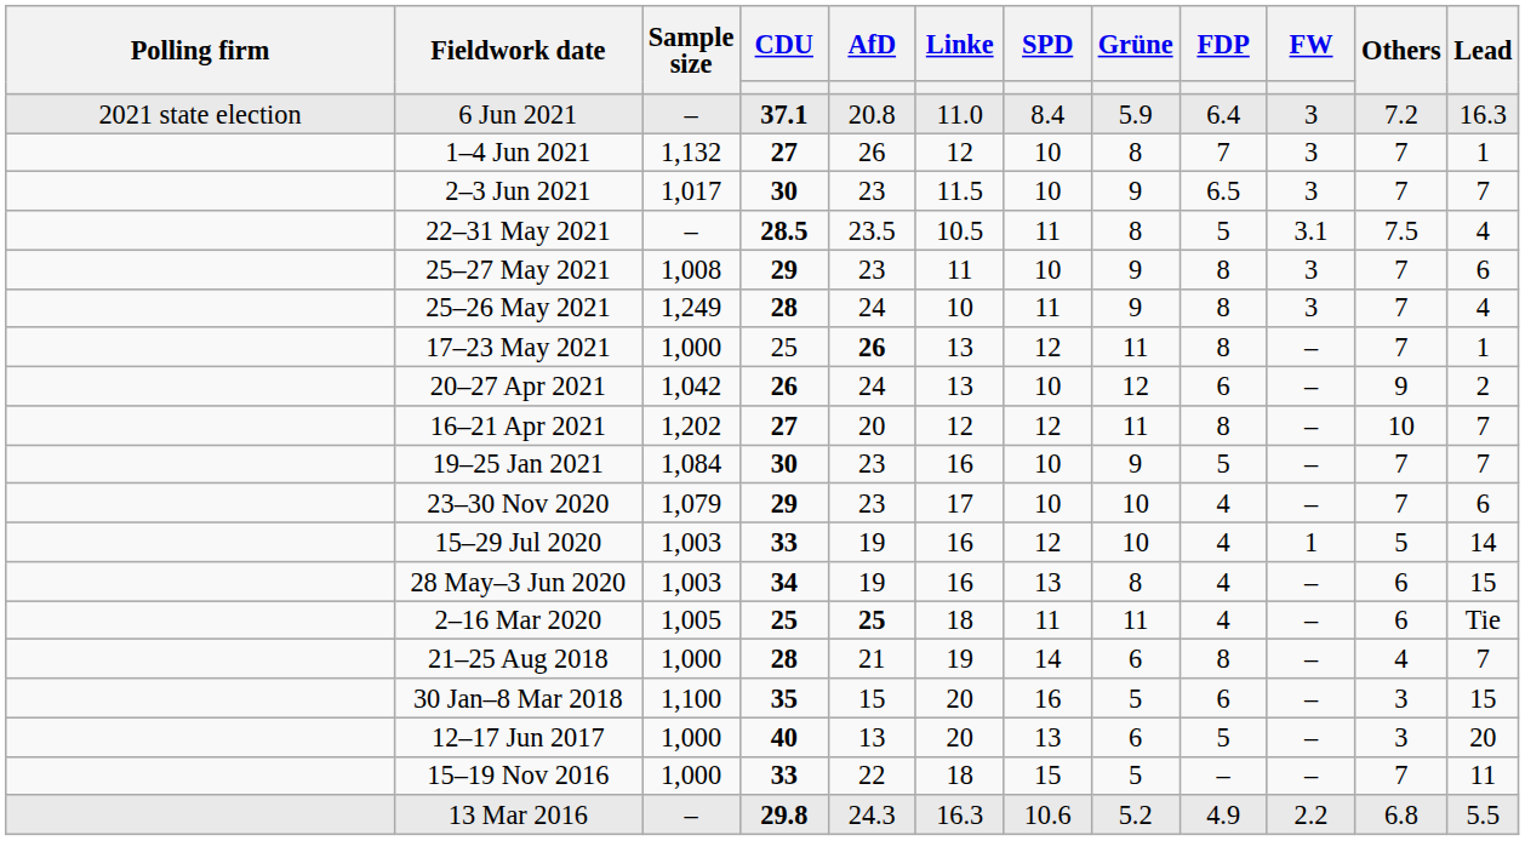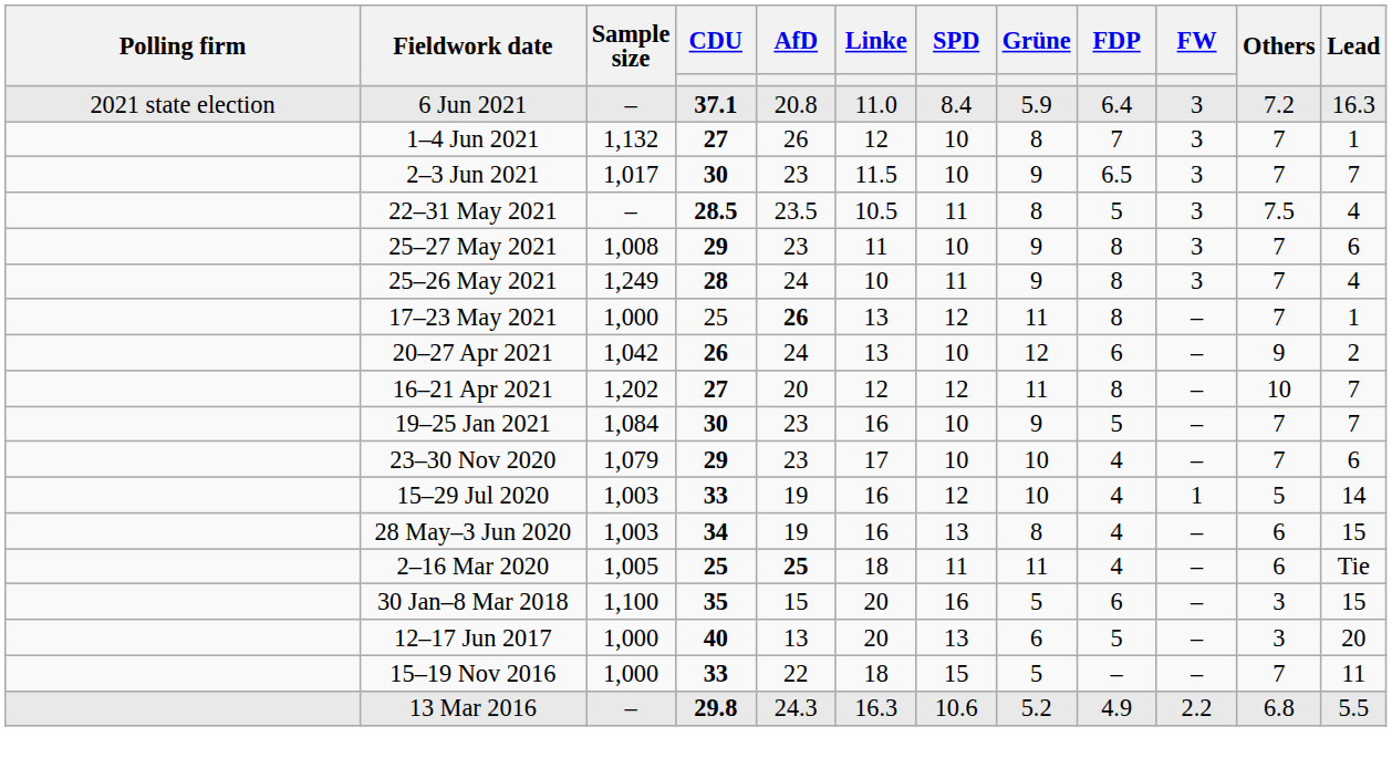 <table class="wikitable sortable" style="text-align:center;font-size:90%;line-height:14px;">
 <tr style="height:40px;">
 <th style="width:200px;" rowspan="2">Polling firm</th>
 <th style="width:125px;" rowspan="2">Fieldwork date</th>
 <th style="width:35px;" rowspan="2">Sample<br>size</th>
 <th class="unsortable" style="width:40px;"><a href='#'>CDU</a></th>
 <th class="unsortable" style="width:40px;"><a href='#'>AfD</a></th>
 <th class="unsortable" style="width:40px;"><a href='#'>Linke</a></th>
 <th class="unsortable" style="width:40px;"><a href='#'>SPD</a></th>
 <th class="unsortable" style="width:40px;"><a href='#'>Grüne</a></th>
 <th class="unsortable" style="width:40px;"><a href='#'>FDP</a></th>
 <th class="unsortable" style="width:40px;"><a href='#'>FW</a></th>
 <th class="unsortable" style="width:40px;" rowspan="2">Others</th>
 <th style="width:30px;" rowspan="2">Lead</th>
 </tr>
 <tr>
 <th style="background:"></th>
 <th style="background:"></th>
 <th style="background:"></th>
 <th style="background:"></th>
 <th style="background:"></th>
 <th style="background:"></th>
 <th style="background:"></th>
 </tr>
 <tr style="background:#E9E9E9;">
 <td>2021 state election</td>
 <td data-sort-value="2021-06-06">6 Jun 2021</td>
 <td>–</td>
 <td><strong>37.1</strong></td>
 <td>20.8</td>
 <td>11.0</td>
 <td>8.4</td>
 <td>5.9</td>
 <td>6.4</td>
 <td>3</td>
 <td>7.2</td>
 <td style="background:">16.3</td>
 </tr>
 <tr>
 <td></td>
 <td data-sort-value="2021-06-04">1–4 Jun 2021</td>
 <td>1,132</td>
 <td><strong>27</strong></td>
 <td>26</td>
 <td>12</td>
 <td>10</td>
 <td>8</td>
 <td>7</td>
 <td>3</td>
 <td>7</td>
 <td style="background:">1</td>
 </tr>
 <tr>
 <td></td>
 <td data-sort-value="2021-06-03">2–3 Jun 2021</td>
 <td>1,017</td>
 <td><strong>30</strong></td>
 <td>23</td>
 <td>11.5</td>
 <td>10</td>
 <td>9</td>
 <td>6.5</td>
 <td>3</td>
 <td>7</td>
 <td style="background:">7</td>
 </tr>
 <tr>
 <td></td>
 <td data-sort-value="2021-05-31">22–31 May 2021</td>
 <td>–</td>
 <td><strong>28.5</strong></td>
 <td>23.5</td>
 <td>10.5</td>
 <td>11</td>
 <td>8</td>
 <td>5</td>
-<td>3.1</td>
+<td>3</td>
 <td>7.5</td>
 <td style="background:">4</td>
 </tr>
 <tr>
 <td></td>
 <td data-sort-value="2021-05-28">25–27 May 2021</td>
 <td>1,008</td>
 <td><strong>29</strong></td>
 <td>23</td>
 <td>11</td>
 <td>10</td>
 <td>9</td>
 <td>8</td>
 <td>3</td>
 <td>7</td>
 <td style="background:">6</td>
 </tr>
 <tr>
 <td></td>
 <td data-sort-value="2021-05-27">25–26 May 2021</td>
 <td>1,249</td>
 <td><strong>28</strong></td>
 <td>24</td>
 <td>10</td>
 <td>11</td>
 <td>9</td>
 <td>8</td>
 <td>3</td>
 <td>7</td>
 <td style="background:">4</td>
 </tr>
 <tr>
 <td></td>
 <td data-sort-value="2021-05-26">17–23 May 2021</td>
 <td>1,000</td>
 <td>25</td>
 <td><strong>26</strong></td>
 <td>13</td>
 <td>12</td>
 <td>11</td>
 <td>8</td>
 <td>–</td>
 <td>7</td>
 <td style="background:">1</td>
 </tr>
 <tr>
 <td></td>
 <td data-sort-value="2021-04-29">20–27 Apr 2021</td>
 <td>1,042</td>
 <td><strong>26</strong></td>
 <td>24</td>
 <td>13</td>
 <td>10</td>
 <td>12</td>
 <td>6</td>
 <td>–</td>
 <td>9</td>
 <td style="background:">2</td>
 </tr>
 <tr>
 <td></td>
 <td data-sort-value="2021-04-23">16–21 Apr 2021</td>
 <td>1,202</td>
 <td><strong>27</strong></td>
 <td>20</td>
 <td>12</td>
 <td>12</td>
 <td>11</td>
 <td>8</td>
 <td>–</td>
 <td>10</td>
 <td style="background:">7</td>
 </tr>
 <tr>
 <td></td>
 <td data-sort-value="2021-01-27">19–25 Jan 2021</td>
 <td>1,084</td>
 <td><strong>30</strong></td>
 <td>23</td>
 <td>16</td>
 <td>10</td>
 <td>9</td>
 <td>5</td>
 <td>–</td>
 <td>7</td>
 <td style="background:">7</td>
 </tr>
 <tr>
 <td></td>
 <td data-sort-value="2020-12-02">23–30 Nov 2020</td>
 <td>1,079</td>
 <td><strong>29</strong></td>
 <td>23</td>
 <td>17</td>
 <td>10</td>
 <td>10</td>
 <td>4</td>
 <td>–</td>
 <td>7</td>
 <td style="background:">6</td>
 </tr>
 <tr>
 <td></td>
 <td data-sort-value="2020-07-29">15–29 Jul 2020</td>
 <td>1,003</td>
 <td><strong>33</strong></td>
 <td>19</td>
 <td>16</td>
 <td>12</td>
 <td>10</td>
 <td>4</td>
 <td>1</td>
 <td>5</td>
 <td style="background:">14</td>
 </tr>
 <tr>
 <td></td>
 <td data-sort-value="2020-06-05">28 May–3 Jun 2020</td>
 <td>1,003</td>
 <td><strong>34</strong></td>
 <td>19</td>
 <td>16</td>
 <td>13</td>
 <td>8</td>
 <td>4</td>
 <td>–</td>
 <td>6</td>
 <td style="background:">15</td>
 </tr>
 <tr>
 <td></td>
 <td data-sort-value="2020-03-20">2–16 Mar 2020</td>
 <td>1,005</td>
 <td><strong>25</strong></td>
 <td><strong>25</strong></td>
 <td>18</td>
 <td>11</td>
 <td>11</td>
 <td>4</td>
 <td>–</td>
 <td>6</td>
 <td data-sort-value="0">Tie</td>
 </tr>
 <tr>
 <td></td>
-<td data-sort-value="2018-08-28">21–25 Aug 2018</td>
-<td>1,000</td>
-<td><strong>28</strong></td>
-<td>21</td>
-<td>19</td>
-<td>14</td>
-<td>6</td>
-<td>8</td>
-<td>–</td>
-<td>4</td>
-<td style="background:">7</td>
-</tr>
-<tr>
-<td></td>
 <td data-sort-value="2018-05-22">30 Jan–8 Mar 2018</td>
 <td>1,100</td>
 <td><strong>35</strong></td>
 <td>15</td>
 <td>20</td>
 <td>16</td>
 <td>5</td>
 <td>6</td>
 <td>–</td>
 <td>3</td>
 <td style="background:">15</td>
 </tr>
 <tr>
 <td></td>
 <td data-sort-value="2017-06-22">12–17 Jun 2017</td>
 <td>1,000</td>
 <td><strong>40</strong></td>
 <td>13</td>
 <td>20</td>
 <td>13</td>
 <td>6</td>
 <td>5</td>
 <td>–</td>
 <td>3</td>
 <td style="background:">20</td>
 </tr>
 <tr>
 <td></td>
 <td data-sort-value="2016-11-22">15–19 Nov 2016</td>
 <td>1,000</td>
 <td><strong>33</strong></td>
 <td>22</td>
 <td>18</td>
 <td>15</td>
 <td>5</td>
 <td>–</td>
 <td>–</td>
 <td>7</td>
 <td style="background:">11</td>
 </tr>
 <tr style="background:#E9E9E9;">
 <td></td>
 <td data-sort-value="2016-03-13">13 Mar 2016</td>
 <td>–</td>
 <td><strong>29.8</strong></td>
 <td>24.3</td>
 <td>16.3</td>
 <td>10.6</td>
 <td>5.2</td>
 <td>4.9</td>
 <td>2.2</td>
 <td>6.8</td>
 <td style="background:">5.5</td>
 </tr>
 </table>
